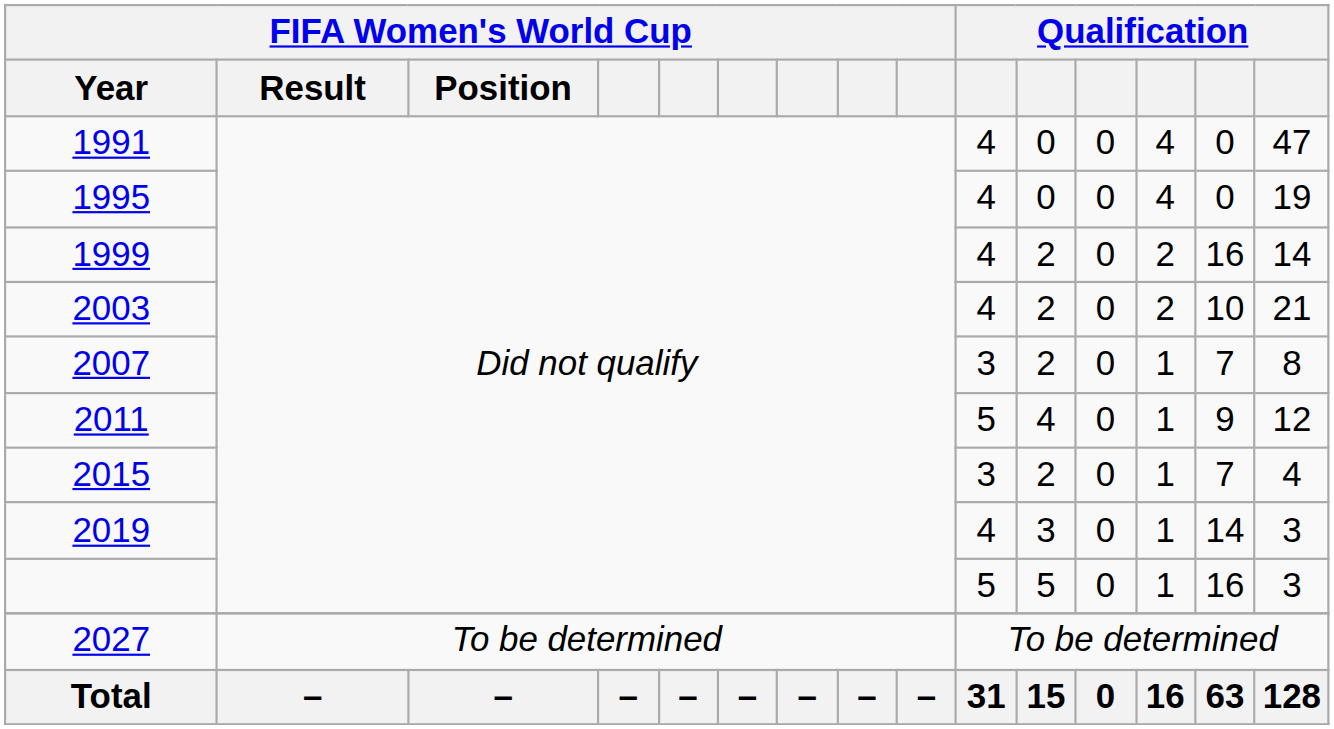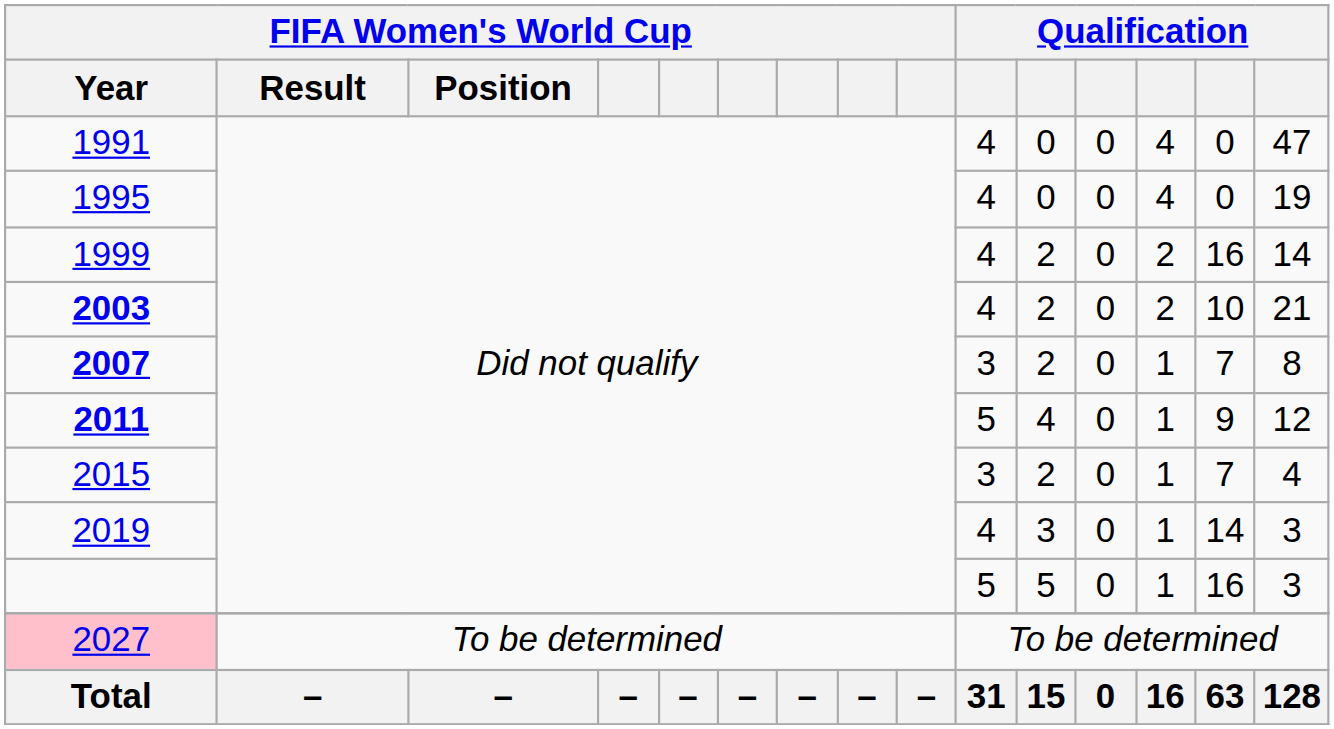 <table class="wikitable" style="text-align:center;">
 <tr>
 <th colspan="9"><a href='#'>FIFA Women's World Cup</a></th>
 <th colspan="6"><a href='#'>Qualification</a></th>
 </tr>
 <tr>
 <th style="width:90px;">Year</th>
 <th style="width:80px;">Result</th>
 <th style="width:80px;">Position</th>
 <th style="width:20px;"></th>
 <th style="width:20px;"></th>
 <th style="width:20px;"></th>
 <th style="width:20px;"></th>
 <th style="width:20px;"></th>
 <th style="width:20px;"></th>
 <th style="width:20px;"></th>
 <th style="width:20px;"></th>
 <th style="width:20px;"></th>
 <th style="width:20px;"></th>
 <th style="width:20px;"></th>
 <th style="width:20px;"></th>
 </tr>
 <tr>
 <td> <a href='#'>1991</a></td>
 <td rowspan="9" colspan="8"><em>Did not qualify</em></td>
 <td>4</td>
 <td>0</td>
 <td>0</td>
 <td>4</td>
 <td>0</td>
 <td>47</td>
 </tr>
 <tr>
 <td> <a href='#'>1995</a></td>
 <td>4</td>
 <td>0</td>
 <td>0</td>
 <td>4</td>
 <td>0</td>
 <td>19</td>
 </tr>
 <tr>
 <td> <a href='#'>1999</a></td>
 <td>4</td>
 <td>2</td>
 <td>0</td>
 <td>2</td>
 <td>16</td>
 <td>14</td>
 </tr>
 <tr>
-<td> <a href='#'>2003</a></td>
+<td><strong> <a href='#'>2003</a></strong></td>
 <td>4</td>
 <td>2</td>
 <td>0</td>
 <td>2</td>
 <td>10</td>
 <td>21</td>
 </tr>
 <tr>
-<td> <a href='#'>2007</a></td>
+<td><strong> <a href='#'>2007</a></strong></td>
 <td>3</td>
 <td>2</td>
 <td>0</td>
 <td>1</td>
 <td>7</td>
 <td>8</td>
 </tr>
 <tr>
-<td> <a href='#'>2011</a></td>
+<td><strong> <a href='#'>2011</a></strong></td>
 <td>5</td>
 <td>4</td>
 <td>0</td>
 <td>1</td>
 <td>9</td>
 <td>12</td>
 </tr>
 <tr>
 <td> <a href='#'>2015</a></td>
 <td>3</td>
 <td>2</td>
 <td>0</td>
 <td>1</td>
 <td>7</td>
 <td>4</td>
 </tr>
 <tr>
 <td> <a href='#'>2019</a></td>
 <td>4</td>
 <td>3</td>
 <td>0</td>
 <td>1</td>
 <td>14</td>
 <td>3</td>
 </tr>
 <tr>
 <td></td>
 <td>5</td>
 <td>5</td>
 <td>0</td>
 <td>1</td>
 <td>16</td>
 <td>3</td>
 </tr>
 <tr>
 </tr>
 <tr>
-<td> <a href='#'>2027</a></td>
+<td style="background: pink;"> <a href='#'>2027</a></td>
 <td colspan="8"><em>To be determined</em></td>
 <td colspan="6"><em>To be determined</em></td>
 </tr>
 <tr>
 <th>Total</th>
 <th>–</th>
 <th>–</th>
 <th>–</th>
 <th>–</th>
 <th>–</th>
 <th>–</th>
 <th>–</th>
 <th>–</th>
 <th>31</th>
 <th>15</th>
 <th>0</th>
 <th>16</th>
 <th>63</th>
 <th>128</th>
 </tr>
 <tr>
 </tr>
 </table>
